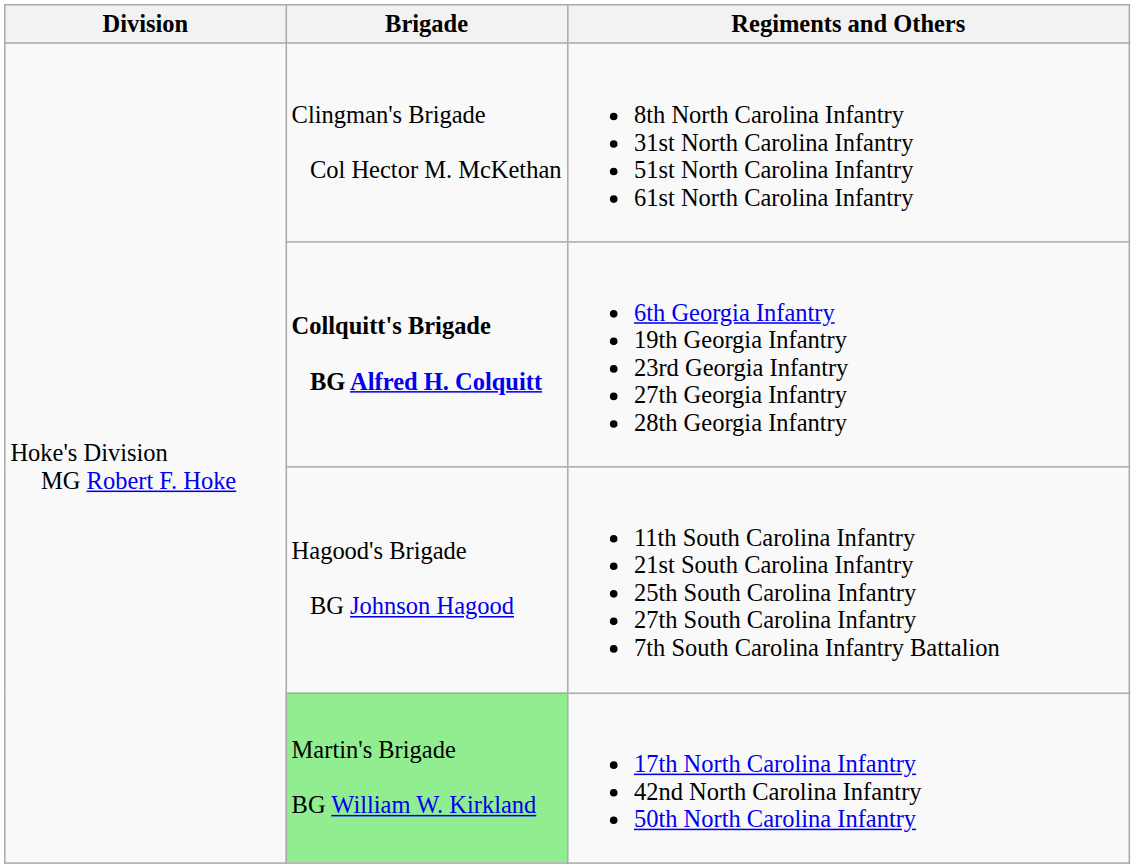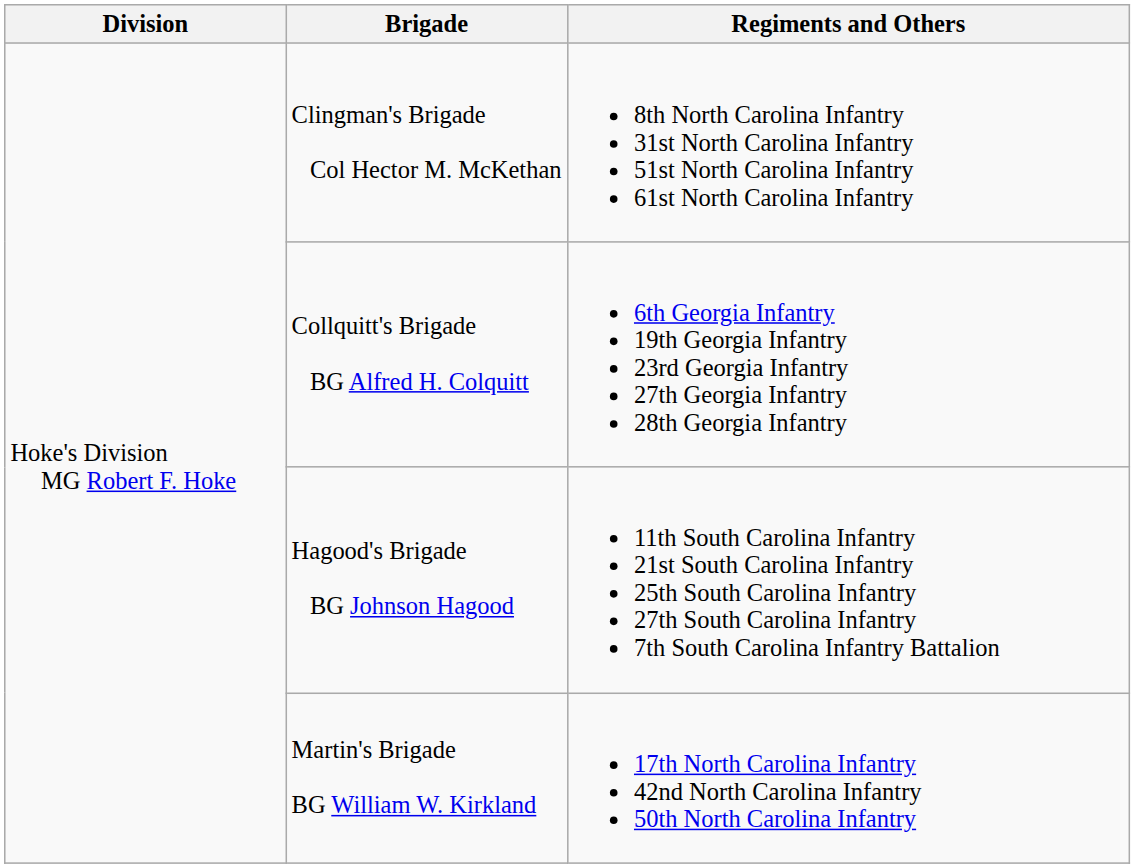 <table class="wikitable">
 <tr>
 <th style="width:25%;">Division</th>
 <th style="width:25%;">Brigade</th>
 <th>Regiments and Others</th>
 </tr>
 <tr>
 <td rowspan=4><br>Hoke's Division <br>     MG <a href='#'>Robert F. Hoke</a></td>
 <td>Clingman's Brigade<br><br>   Col Hector M. McKethan</td>
 <td><br><ul><li>8th North Carolina Infantry</li><li>31st North Carolina Infantry</li><li>51st North Carolina Infantry</li><li>61st North Carolina Infantry</li></ul></td>
 </tr>
 <tr>
-<td><strong>Collquitt's Brigade<br><br>   BG <a href='#'>Alfred H. Colquitt</a></strong></td>
+<td>Collquitt's Brigade<br><br>   BG <a href='#'>Alfred H. Colquitt</a></td>
 <td><br><ul><li><a href='#'>6th Georgia Infantry</a></li><li>19th Georgia Infantry</li><li>23rd Georgia Infantry</li><li>27th Georgia Infantry</li><li>28th Georgia Infantry</li></ul></td>
 </tr>
 <tr>
 <td>Hagood's Brigade<br><br>   BG <a href='#'>Johnson Hagood</a></td>
 <td><br><ul><li>11th South Carolina Infantry</li><li>21st South Carolina Infantry</li><li>25th South Carolina Infantry</li><li>27th South Carolina Infantry</li><li>7th South Carolina Infantry Battalion</li></ul></td>
 </tr>
 <tr>
-<td style="background: lightgreen;">Martin's Brigade<br><br> BG <a href='#'>William W. Kirkland</a></td>
+<td>Martin's Brigade<br><br> BG <a href='#'>William W. Kirkland</a></td>
 <td><br><ul><li><a href='#'>17th North Carolina Infantry</a></li><li>42nd North Carolina Infantry</li><li><a href='#'>50th North Carolina Infantry</a></li></ul></td>
 </tr>
 </table>
